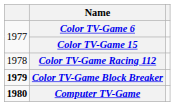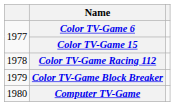 <table class="wikitable sortable plainrowheaders" style="text-align: center;">
 <tr>
 <th scope="col"></th>
 <th scope="col">Name</th>
 <th scope="col" class="unsortable"></th>
 </tr>
 <tr>
 <td rowspan="2">1977</td>
 <th scope="row"><em><a href='#'>Color TV-Game 6</a></em> </th>
 <td></td>
 </tr>
 <tr>
 <th scope="row"><em><a href='#'>Color TV-Game 15</a></em> </th>
 <td></td>
 </tr>
 <tr>
 <td>1978</td>
 <th scope="row"><em><a href='#'>Color TV-Game Racing 112</a></em> </th>
 <td></td>
 </tr>
 <tr>
-<td><strong>1979</strong></td>
+<td>1979</td>
 <th scope="row"><em><a href='#'>Color TV-Game Block Breaker</a></em> </th>
 <td></td>
 </tr>
 <tr>
-<td><strong>1980</strong></td>
+<td>1980</td>
 <th scope="row"><em><a href='#'>Computer TV-Game</a></em></th>
 <td></td>
 </tr>
 </table>
